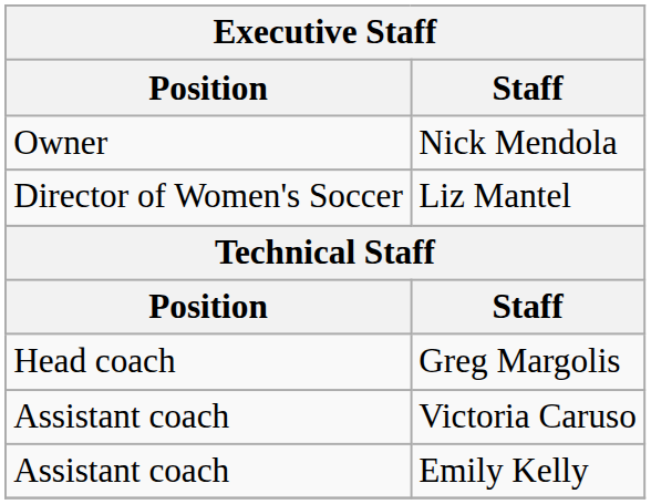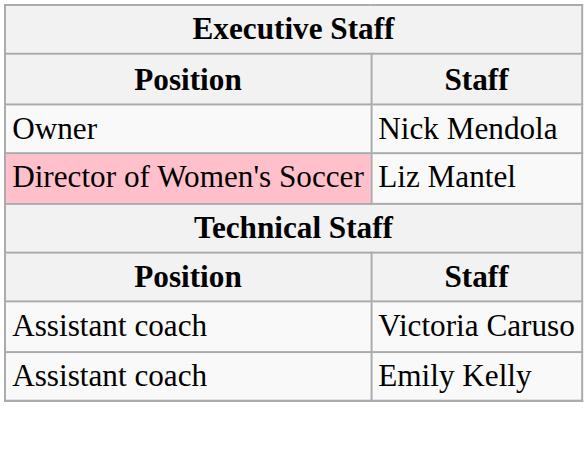 <table class="wikitable">
 <tr>
 <th colspan="2" style="background:; color:black; text-alignment:center">Executive Staff</th>
 </tr>
 <tr>
 <th style="background:; color:black;">Position</th>
 <th style="background:; color:black;">Staff</th>
 </tr>
 <tr>
 <td>Owner</td>
 <td> Nick Mendola</td>
 </tr>
 <tr>
-<td>Director of Women's Soccer</td>
+<td style="background: pink;">Director of Women's Soccer</td>
 <td> Liz Mantel</td>
 </tr>
 <tr>
 <th colspan="2" style="background:; color:black; text-alignment:center">Technical Staff</th>
 </tr>
 <tr>
 <th style="background:; color:black;">Position</th>
 <th style="background:; color:black;">Staff</th>
-</tr>
-<tr>
-<td>Head coach</td>
-<td>Greg Margolis</td>
 </tr>
 <tr>
 <td>Assistant coach</td>
 <td>Victoria Caruso</td>
 </tr>
 <tr>
 <td>Assistant coach</td>
 <td> Emily Kelly</td>
 </tr>
 <tr>
 </tr>
 </table>
